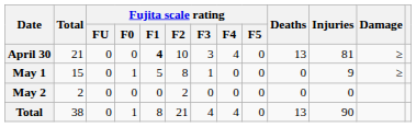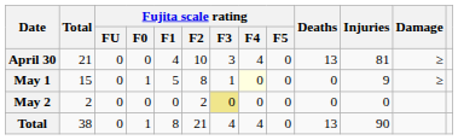 <table class="wikitable sortable" style="margin: 1em auto 1em auto;float:left">
 <tr>
 <th scope="col" rowspan="2">Date</th>
 <th scope="col" rowspan="2" align="center">Total</th>
 <th scope="col" colspan="7" align="center"><a href='#'>Fujita scale</a> rating</th>
 <th scope="col" rowspan="2" align="center">Deaths</th>
 <th scope="col" rowspan="2" align="center">Injuries</th>
 <th scope="col" rowspan="2" align="center">Damage</th>
 <th scope="col" rowspan="2" align="center" class="unsortable"></th>
 </tr>
 <tr>
 <th scope="col" align="center"> FU </th>
 <th scope="col" align="center"> F0 </th>
 <th scope="col" align="center"> F1 </th>
 <th scope="col" align="center"> F2 </th>
 <th scope="col" align="center"> F3 </th>
 <th scope="col" align="center"> F4 </th>
 <th scope="col" align="center"> F5 </th>
 </tr>
 <tr>
 <th scope="row">April 30</th>
 <td align="right">21</td>
 <td align="right">0</td>
 <td align="right">0</td>
-<td align="right"><strong>4</strong></td>
+<td align="right">4</td>
 <td align="right">10</td>
 <td align="right">3</td>
 <td align="right">4</td>
 <td align="right">0</td>
 <td align="right">13</td>
 <td align="right">81</td>
 <td align="right">≥</td>
 <td></td>
 </tr>
 <tr>
 <th scope="row">May 1</th>
 <td align="right">15</td>
 <td align="right">0</td>
 <td align="right">1</td>
 <td align="right">5</td>
 <td align="right">8</td>
 <td align="right">1</td>
-<td align="right">0</td>
+<td align="right" style="background: lightyellow;">0</td>
 <td align="right">0</td>
 <td align="right">0</td>
 <td align="right">9</td>
 <td align="right">≥</td>
 <td></td>
 </tr>
 <tr>
 <th scope="row">May 2</th>
 <td align="right">2</td>
 <td align="right">0</td>
 <td align="right">0</td>
 <td align="right">0</td>
 <td align="right">2</td>
-<td align="right">0</td>
+<td align="right" style="background: khaki;">0</td>
 <td align="right">0</td>
 <td align="right">0</td>
 <td align="right">0</td>
 <td align="right">0</td>
 <td align="right"></td>
 <td></td>
 </tr>
 <tr class="sortbottom">
 <th scope="row">Total</th>
 <td align="right">38</td>
 <td align="right">0</td>
 <td align="right">1</td>
 <td align="right">8</td>
 <td align="right">21</td>
 <td align="right">4</td>
 <td align="right">4</td>
 <td align="right">0</td>
 <td align="right">13</td>
 <td align="right">90</td>
 <td align="right"></td>
 <td></td>
 </tr>
 </table>
